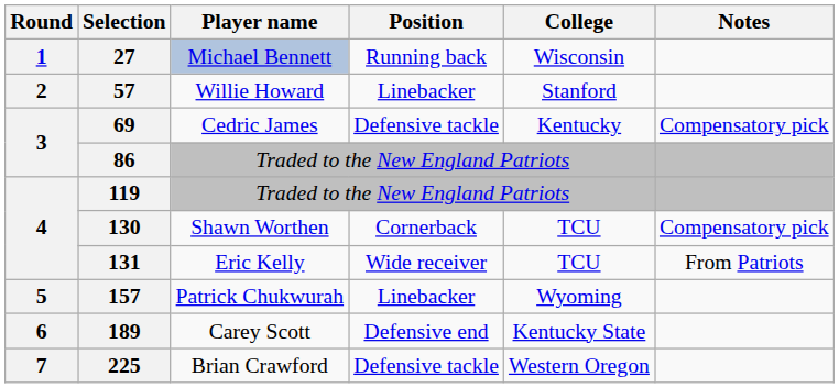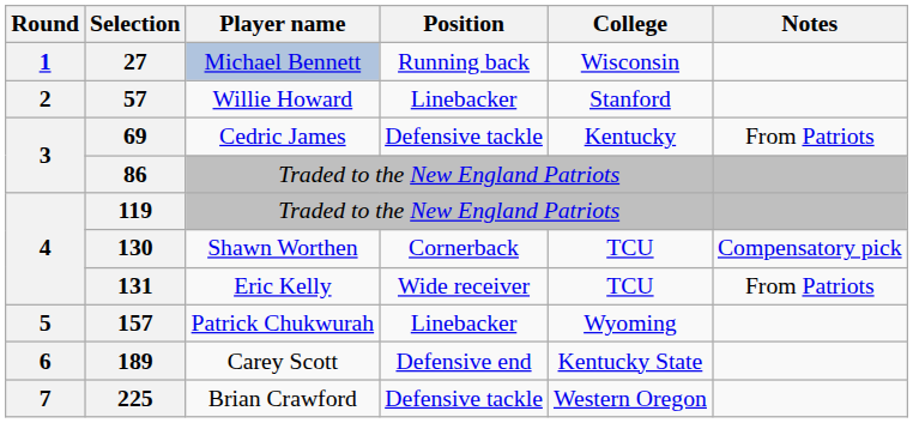 <table class="wikitable" style="text-align:center">
 <tr>
 <th>Round</th>
 <th>Selection</th>
 <th>Player name</th>
 <th>Position</th>
 <th>College</th>
 <th>Notes</th>
 </tr>
 <tr>
 <th><a href='#'>1</a></th>
 <th>27</th>
 <td bgcolor=lightsteelblue><a href='#'>Michael Bennett</a></td>
 <td><a href='#'>Running back</a></td>
 <td><a href='#'>Wisconsin</a></td>
 <td></td>
 </tr>
 <tr>
 <th>2</th>
 <th>57</th>
 <td><a href='#'>Willie Howard</a></td>
 <td><a href='#'>Linebacker</a></td>
 <td><a href='#'>Stanford</a></td>
 <td></td>
 </tr>
 <tr>
 <th rowspan="2">3</th>
 <th>69</th>
 <td><a href='#'>Cedric James</a></td>
 <td><a href='#'>Defensive tackle</a></td>
 <td><a href='#'>Kentucky</a></td>
-<td><a href='#'>Compensatory pick</a></td>
+<td>From <a href='#'>Patriots</a></td>
 </tr>
 <tr>
 <th>86</th>
 <td colspan="3" style="background:#BFBFBF"><em>Traded to the <a href='#'>New England Patriots</a></em></td>
 <td style="background:#BFBFBF"></td>
 </tr>
 <tr>
 <th rowspan="3">4</th>
 <th>119</th>
 <td colspan="3" style="background:#BFBFBF"><em>Traded to the <a href='#'>New England Patriots</a></em></td>
 <td style="background:#BFBFBF"></td>
 </tr>
 <tr>
 <th>130</th>
 <td><a href='#'>Shawn Worthen</a></td>
 <td><a href='#'>Cornerback</a></td>
 <td><a href='#'>TCU</a></td>
 <td><a href='#'>Compensatory pick</a></td>
 </tr>
 <tr>
 <th>131</th>
 <td><a href='#'>Eric Kelly</a></td>
 <td><a href='#'>Wide receiver</a></td>
 <td><a href='#'>TCU</a></td>
 <td>From <a href='#'>Patriots</a></td>
 </tr>
 <tr>
 <th>5</th>
 <th>157</th>
 <td><a href='#'>Patrick Chukwurah</a></td>
 <td><a href='#'>Linebacker</a></td>
 <td><a href='#'>Wyoming</a></td>
 <td></td>
 </tr>
 <tr>
 <th>6</th>
 <th>189</th>
 <td>Carey Scott</td>
 <td><a href='#'>Defensive end</a></td>
 <td><a href='#'>Kentucky State</a></td>
 <td></td>
 </tr>
 <tr>
 <th>7</th>
 <th>225</th>
 <td>Brian Crawford</td>
 <td><a href='#'>Defensive tackle</a></td>
 <td><a href='#'>Western Oregon</a></td>
 <td></td>
 </tr>
 </table>
